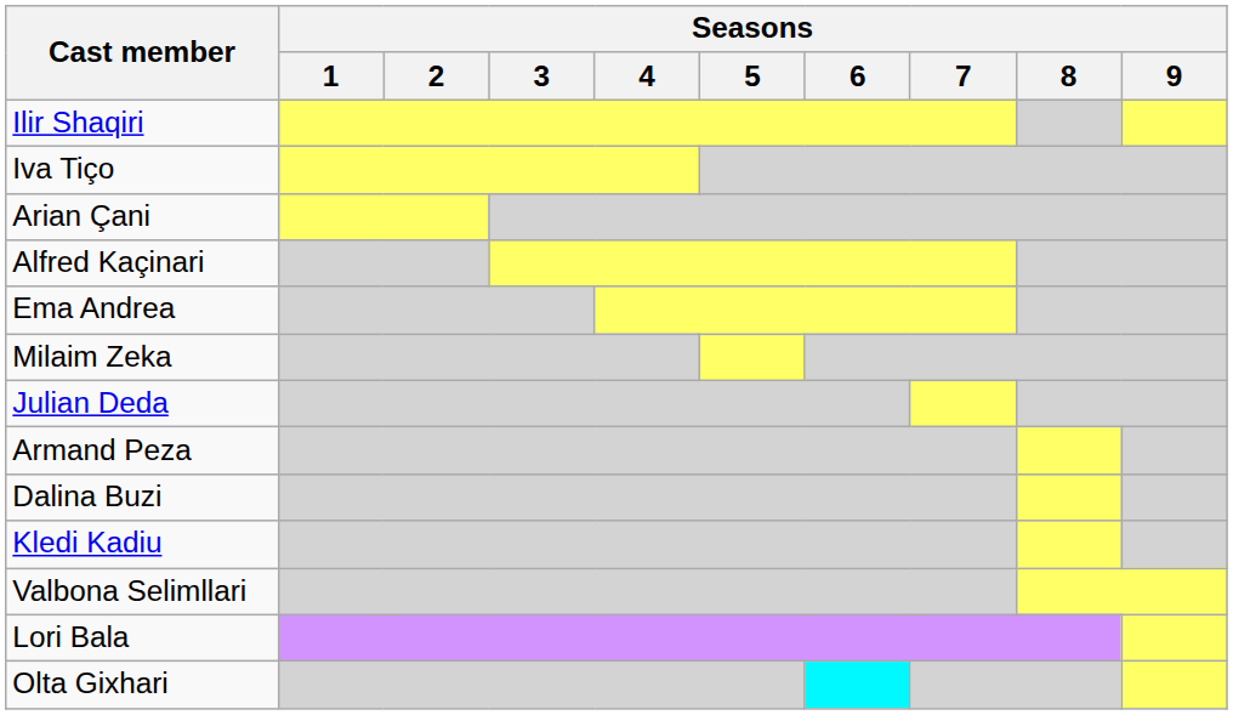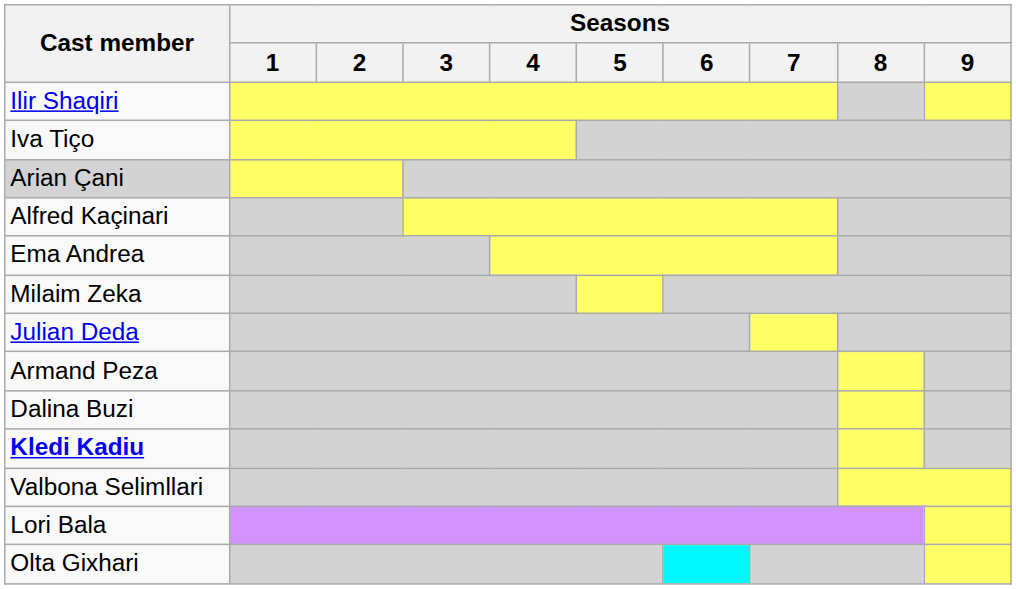 <table class="wikitable" width="75% font-size:100%">
 <tr>
 <th rowspan="2" width="115">Cast member</th>
 <th colspan="9" style="text-align:center">Seasons</th>
 </tr>
 <tr>
 <th width="40">1</th>
 <th width="40">2</th>
 <th width="40">3</th>
 <th width="40">4</th>
 <th width="40">5</th>
 <th width="40">6</th>
 <th width="40">7</th>
 <th width="40">8</th>
 <th width="40">9</th>
 </tr>
 <tr>
 <td><a href='#'>Ilir Shaqiri</a></td>
 <td colspan="7" style="background:#FF6"></td>
 <td style="background:lightgrey"></td>
 <td colspan="1" style="background:#FF6"></td>
 </tr>
 <tr>
 <td>Iva Tiço</td>
 <td colspan="4" style="background:#FF6"></td>
 <td colspan="5" style="background:lightgrey"></td>
 </tr>
 <tr>
-<td>Arian Çani</td>
+<td style="background: lightgrey;">Arian Çani</td>
 <td colspan="2" style="background:#FF6"></td>
 <td colspan="7" style="background:lightgrey"></td>
 </tr>
 <tr>
 <td>Alfred Kaçinari</td>
 <td colspan="2" style="background:lightgrey"></td>
 <td colspan="5" style="background:#FF6"></td>
 <td colspan="2" style="background:lightgrey"></td>
 </tr>
 <tr>
 <td>Ema Andrea</td>
 <td colspan="3" style="background:lightgrey"></td>
 <td colspan="4" style="background:#FF6"></td>
 <td colspan="2" style="background:lightgrey"></td>
 </tr>
 <tr>
 <td>Milaim Zeka</td>
 <td colspan="4" style="background:lightgrey"></td>
 <td style="background:#FF6"></td>
 <td colspan="4" style="background:lightgrey"></td>
 </tr>
 <tr>
 <td><a href='#'>Julian Deda</a></td>
 <td colspan="6" style="background:lightgrey"></td>
 <td style="background:#FF6"></td>
 <td colspan="2" style="background:lightgrey"></td>
 </tr>
 <tr>
 <td>Armand Peza</td>
 <td colspan="7" style="background:lightgrey"></td>
 <td colspan="1" style="background:#FF6"></td>
 <td colspan="1" style="background:lightgrey"></td>
 </tr>
 <tr>
 <td>Dalina Buzi</td>
 <td colspan="7" style="background:lightgrey"></td>
 <td colspan="1" style="background:#FF6"></td>
 <td colspan="1" style="background:lightgrey"></td>
 </tr>
 <tr>
-<td><a href='#'>Kledi Kadiu</a></td>
+<td><strong><a href='#'>Kledi Kadiu</a></strong></td>
 <td colspan="7" style="background:lightgrey"></td>
 <td colspan="1" style="background:#FF6"></td>
 <td colspan="1" style="background:lightgrey"></td>
 </tr>
 <tr>
 <td>Valbona Selimllari</td>
 <td colspan="7" style="background:lightgrey"></td>
 <td colspan="2" style="background:#FF6"></td>
 </tr>
 <tr>
 <td>Lori Bala</td>
 <td colspan="8" style="background:#d293ff"></td>
 <td colspan="1" style="background:#FF6"></td>
 </tr>
 <tr>
 <td>Olta Gixhari</td>
 <td colspan="5" style="background:lightgrey"></td>
 <td style="background:#00f9ff"></td>
 <td colspan="2" style="background:lightgrey"></td>
 <td colspan="1" style="background:#FF6"></td>
 </tr>
 </table>
